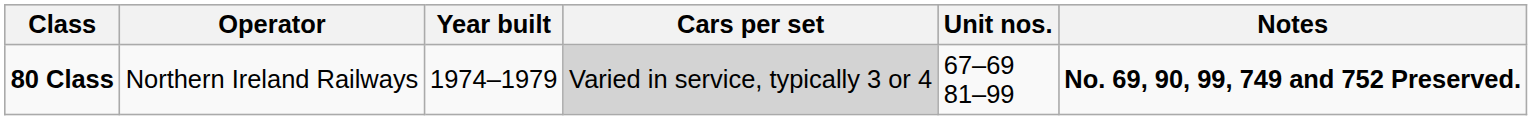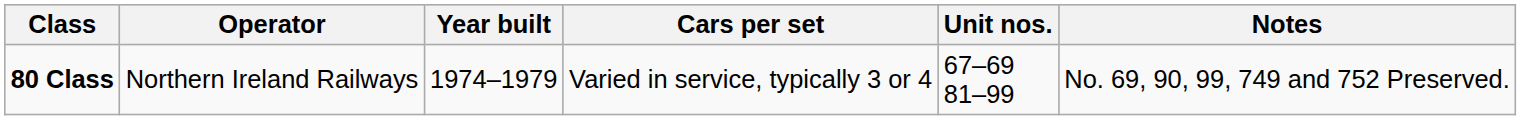 <table class="wikitable">
 <tr>
 <th>Class</th>
 <th>Operator</th>
 <th>Year built</th>
 <th>Cars per set</th>
 <th>Unit nos.</th>
 <th>Notes</th>
 </tr>
 <tr>
 <td rowspan=2><strong>80 Class</strong></td>
 <td rowspan=2>Northern Ireland Railways</td>
 <td rowspan=2 align=center>1974–1979</td>
-<td align=center style="background: lightgrey;">Varied in service, typically 3 or 4</td>
+<td align=center>Varied in service, typically 3 or 4</td>
 <td>67–69<br>81–99</td>
-<td><strong>No. 69, 90, 99, 749 and 752 Preserved.</strong></td>
+<td>No. 69, 90, 99, 749 and 752 Preserved.</td>
 </tr>
 </table>
